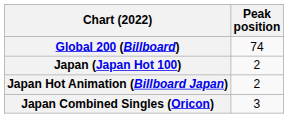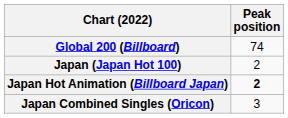 <table class="wikitable sortable plainrowheaders" style="text-align:center">
 <tr>
 <th>Chart (2022)</th>
 <th>Peak<br>position</th>
 </tr>
 <tr>
 <th scope="row"><a href='#'>Global 200</a> (<em><a href='#'>Billboard</a></em>)</th>
 <td>74</td>
 </tr>
 <tr>
 <th scope="row">Japan (<a href='#'>Japan Hot 100</a>)</th>
 <td>2</td>
 </tr>
 <tr>
 <th scope="row">Japan Hot Animation (<em><a href='#'>Billboard Japan</a></em>)</th>
-<td>2</td>
+<td><strong>2</strong></td>
 </tr>
 <tr>
 <th scope="row">Japan Combined Singles (<a href='#'>Oricon</a>)</th>
 <td>3</td>
 </tr>
 </table>
